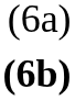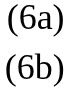 <table border="0" width="60%">
 <tr>
 <td width="33%"></td>
 <td width="34%" align="center"></td>
 <td width="33%" align="right">(6a)</td>
 </tr>
 <tr>
 <td width="33%"></td>
 <td width="34%" align="center"></td>
-<td width="33%" align="right"><strong>(6b)</strong></td>
+<td width="33%" align="right">(6b)</td>
 </tr>
 </table>
